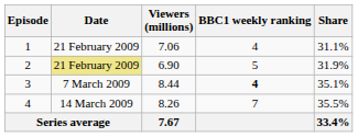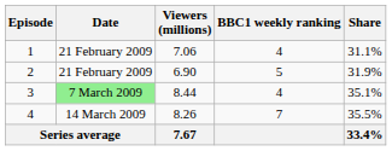 <table class="wikitable" style="text-align:center">
 <tr>
 <th>Episode</th>
 <th>Date</th>
 <th>Viewers<br>(millions)</th>
 <th>BBC1 weekly ranking</th>
 <th>Share</th>
 </tr>
 <tr>
 <td>1</td>
 <td>21 February 2009</td>
 <td>7.06</td>
 <td>4</td>
 <td>31.1%</td>
 </tr>
 <tr>
 <td>2</td>
-<td style="background: khaki;">21 February 2009</td>
+<td>21 February 2009</td>
 <td>6.90</td>
 <td>5</td>
 <td>31.9%</td>
 </tr>
 <tr>
 <td>3</td>
-<td>7 March 2009</td>
+<td style="background: lightgreen;">7 March 2009</td>
 <td>8.44</td>
-<td><strong>4</strong></td>
+<td>4</td>
 <td>35.1%</td>
 </tr>
 <tr>
 <td>4</td>
 <td>14 March 2009</td>
 <td>8.26</td>
 <td>7</td>
 <td>35.5%</td>
 </tr>
 <tr>
 <th colspan="2" scope="row">Series average</th>
 <th>7.67</th>
 <th></th>
 <th>33.4%</th>
 </tr>
 </table>
